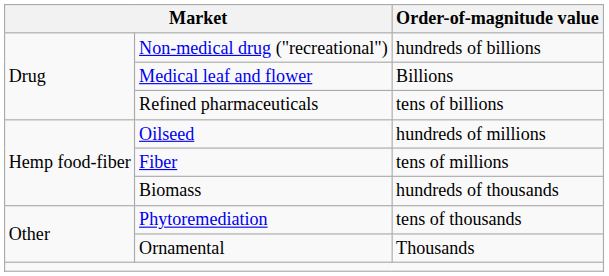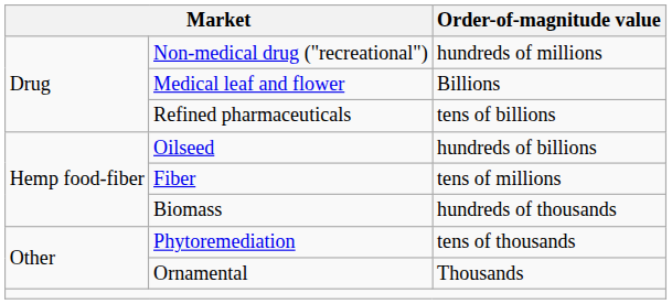 <table class="wikitable">
 <tr>
 <th colspan="2">Market</th>
 <th>Order-of-magnitude value</th>
 </tr>
 <tr>
 <td rowspan="3">Drug</td>
 <td><a href='#'>Non-medical drug</a> ("recreational")</td>
-<td>hundreds of billions</td>
+<td>hundreds of millions</td>
 </tr>
 <tr>
 <td><a href='#'>Medical leaf and flower</a></td>
 <td>Billions</td>
 </tr>
 <tr>
 <td>Refined pharmaceuticals</td>
 <td>tens of billions</td>
 </tr>
 <tr>
 <td rowspan="3">Hemp food-fiber</td>
 <td><a href='#'>Oilseed</a></td>
-<td>hundreds of millions</td>
+<td>hundreds of billions</td>
 </tr>
 <tr>
 <td><a href='#'>Fiber</a></td>
 <td>tens of millions</td>
 </tr>
 <tr>
 <td>Biomass</td>
 <td>hundreds of thousands</td>
 </tr>
 <tr>
 <td rowspan="2">Other</td>
 <td><a href='#'>Phytoremediation</a></td>
 <td>tens of thousands</td>
 </tr>
 <tr>
 <td>Ornamental</td>
 <td>Thousands</td>
 </tr>
 <tr>
 <td colspan="3"></td>
 </tr>
 </table>
